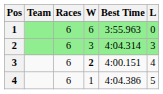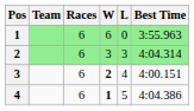 <table class="wikitable" style="text-align:center; font-size:90%">
 <tr>
 <th>Pos</th>
 <th>Team</th>
 <th>Races</th>
 <th>W</th>
+<th>L</th>
 <th>Best Time</th>
-<th>L</th>
 </tr>
 <tr style="background:lightgreen;">
 <th>1</th>
 <td align=left></td>
 <td>6</td>
 <td>6</td>
+<td>0</td>
 <td>3:55.963</td>
-<td>0</td>
 </tr>
 <tr style="background:lightgreen;">
 <th>2</th>
 <td align=left></td>
 <td>6</td>
 <td>3</td>
+<td>3</td>
 <td>4:04.314</td>
-<td>3</td>
 </tr>
 <tr>
 <th>3</th>
 <td align=left></td>
 <td>6</td>
 <td><strong>2</strong></td>
+<td>4</td>
 <td>4:00.151</td>
-<td>4</td>
 </tr>
 <tr>
 <th>4</th>
 <td align=left></td>
 <td>6</td>
-<td>1</td>
+<td><strong>1</strong></td>
+<td>5</td>
 <td>4:04.386</td>
-<td>5</td>
 </tr>
 </table>
